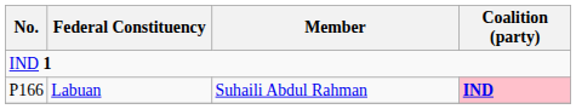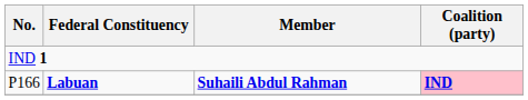 <table class="wikitable sortable">
 <tr>
 <th style="width:30px;">No.</th>
 <th style="width:150px;">Federal Constituency</th>
 <th style="width:230px;">Member</th>
 <th style="width:100px;">Coalition (party)</th>
 </tr>
 <tr>
 <td colspan="4"><a href='#'>IND</a> <strong>1</strong></td>
 </tr>
 <tr>
 <td>P166</td>
-<td><a href='#'>Labuan</a></td>
-<td><a href='#'>Suhaili Abdul Rahman</a></td>
+<td><strong><a href='#'>Labuan</a></strong></td>
+<td><strong><a href='#'>Suhaili Abdul Rahman</a></strong></td>
 <td style="background: pink;"><strong><a href='#'>IND</a></strong></td>
 </tr>
 <tr>
 </tr>
 </table>
